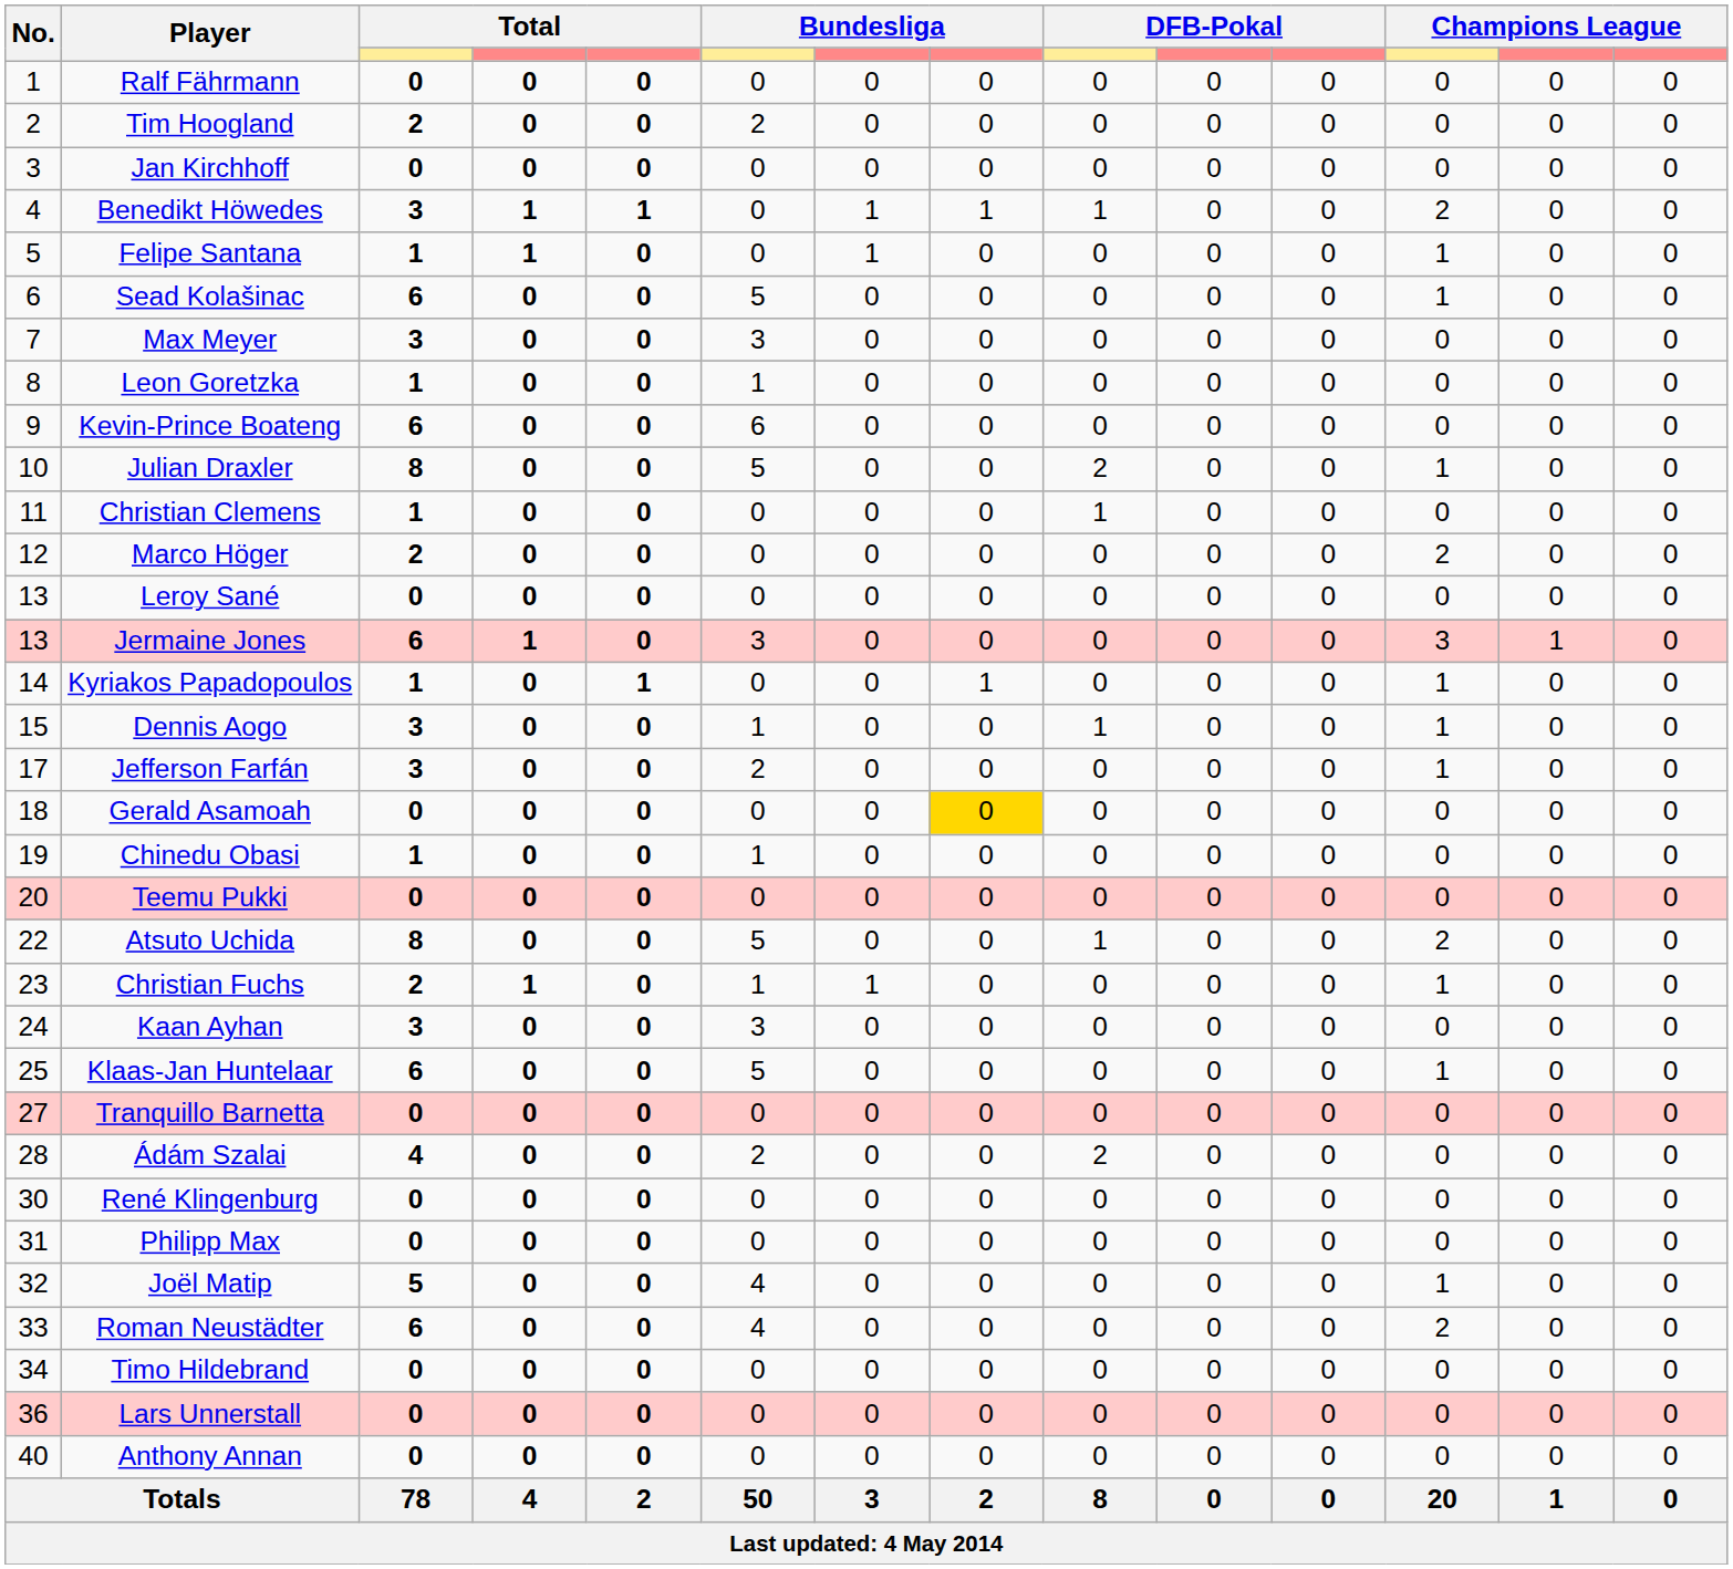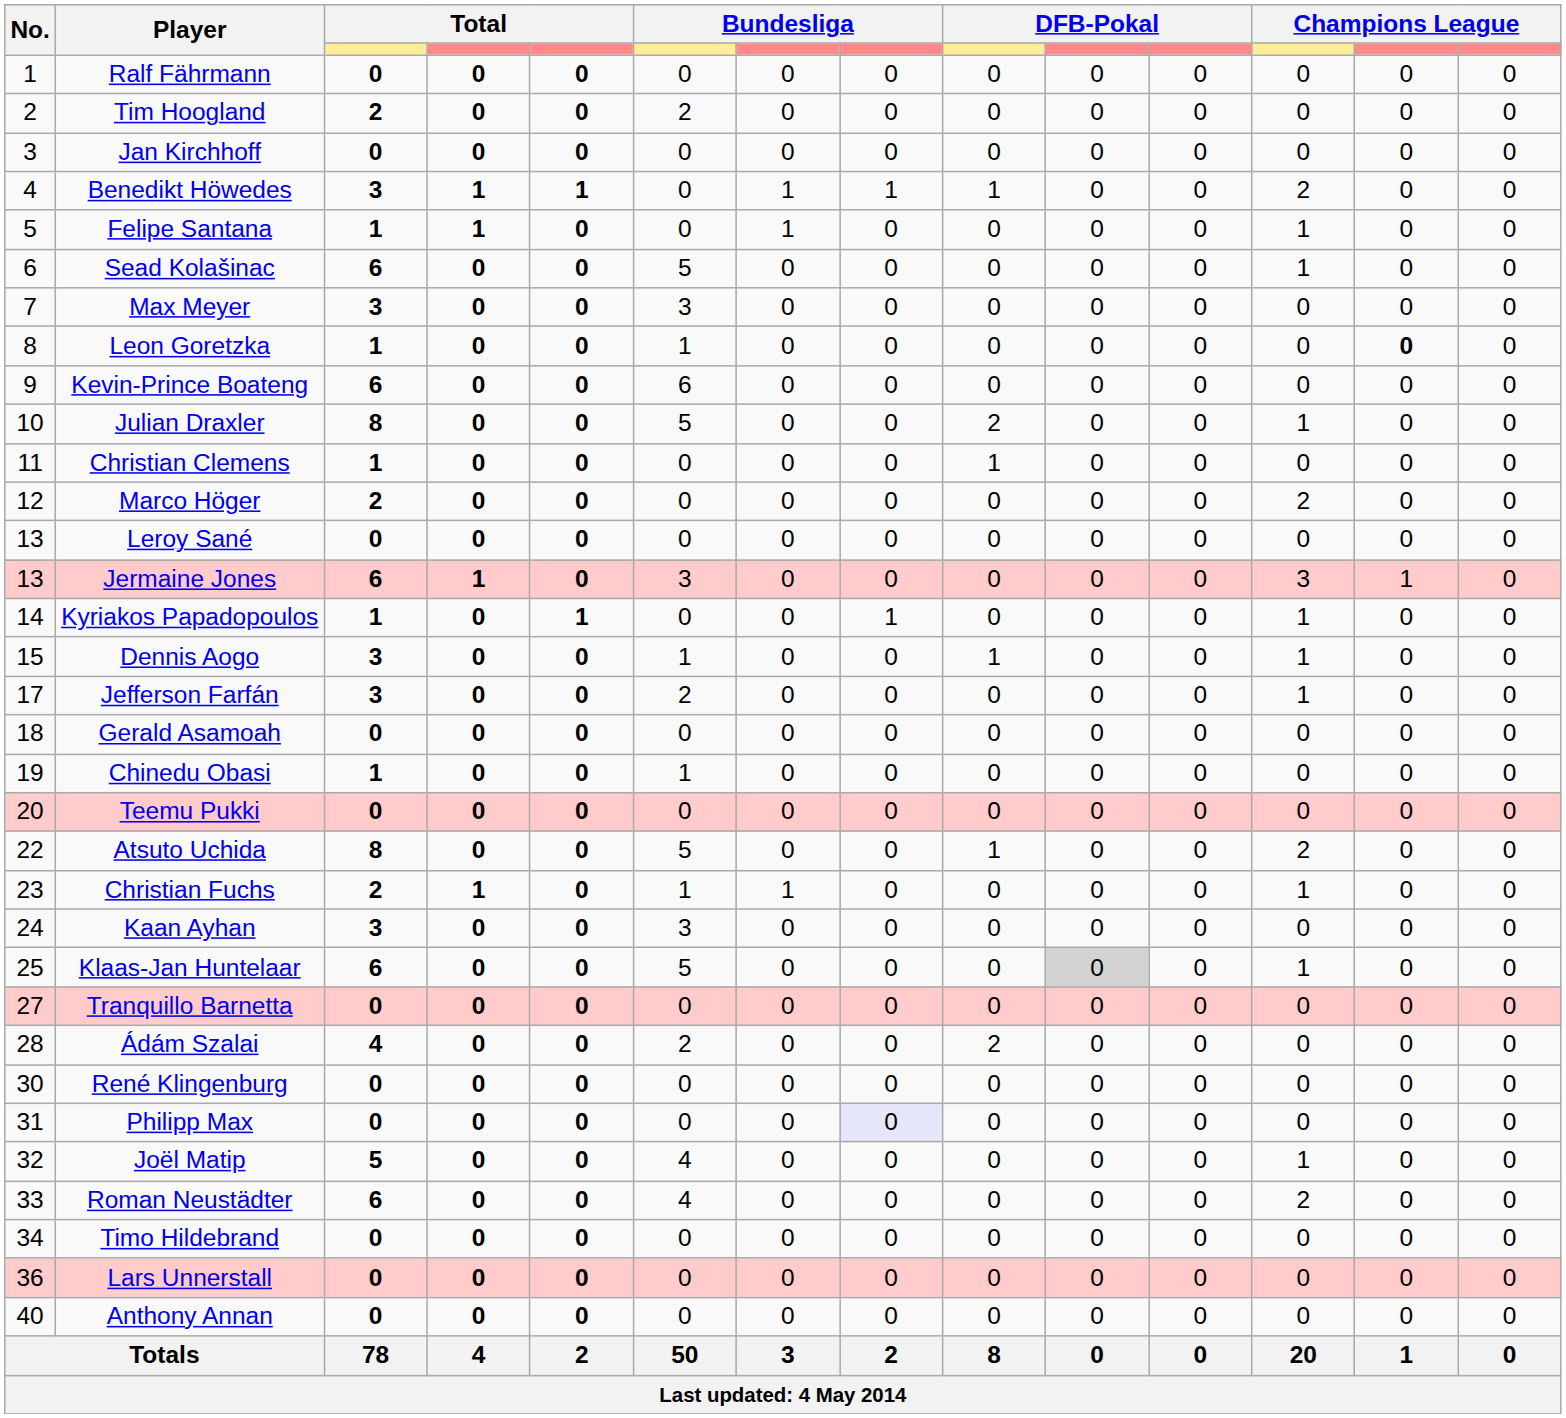 <table class="wikitable" style="text-align:center;">
 <tr style="text-align:center;">
 <th rowspan="2">No.</th>
 <th rowspan="2">Player</th>
 <th colspan="3">Total</th>
 <th colspan="3"><a href='#'>Bundesliga</a></th>
 <th colspan="3"><a href='#'>DFB-Pokal</a></th>
 <th colspan="3"><a href='#'>Champions League</a></th>
 </tr>
 <tr>
 <th style="width:60px; background:#fe9;"></th>
 <th style="width:60px; background:#ff8888;"></th>
 <th style="width:60px; background:#ff8888;"></th>
 <th style="width:60px; background:#fe9;"></th>
 <th style="width:60px; background:#ff8888;"></th>
 <th style="width:60px; background:#ff8888;"></th>
 <th style="width:60px; background:#fe9;"></th>
 <th style="width:60px; background:#ff8888;"></th>
 <th style="width:60px; background:#ff8888;"></th>
 <th style="width:60px; background:#fe9;"></th>
 <th style="width:60px; background:#ff8888;"></th>
 <th style="width:60px; background:#ff8888;"></th>
 </tr>
 <tr>
 <td>1</td>
 <td><a href='#'>Ralf Fährmann</a></td>
 <td><strong>0</strong> </td>
 <td><strong>0</strong> </td>
 <td><strong>0</strong> </td>
 <td>0 </td>
 <td>0 </td>
 <td>0 </td>
 <td>0 </td>
 <td>0 </td>
 <td>0 </td>
 <td>0 </td>
 <td>0 </td>
 <td>0 </td>
 </tr>
 <tr>
 <td>2</td>
 <td><a href='#'>Tim Hoogland</a></td>
 <td><strong>2</strong> </td>
 <td><strong>0</strong> </td>
 <td><strong>0</strong> </td>
 <td>2 </td>
 <td>0 </td>
 <td>0 </td>
 <td>0 </td>
 <td>0 </td>
 <td>0 </td>
 <td>0 </td>
 <td>0 </td>
 <td>0 </td>
 </tr>
 <tr>
 <td>3</td>
 <td><a href='#'>Jan Kirchhoff</a></td>
 <td><strong>0</strong> </td>
 <td><strong>0</strong> </td>
 <td><strong>0</strong> </td>
 <td>0 </td>
 <td>0 </td>
 <td>0 </td>
 <td>0 </td>
 <td>0 </td>
 <td>0 </td>
 <td>0 </td>
 <td>0 </td>
 <td>0 </td>
 </tr>
 <tr>
 <td>4</td>
 <td><a href='#'>Benedikt Höwedes</a></td>
 <td><strong>3</strong> </td>
 <td><strong>1</strong> </td>
 <td><strong>1</strong> </td>
 <td>0 </td>
 <td>1 </td>
 <td>1 </td>
 <td>1 </td>
 <td>0 </td>
 <td>0 </td>
 <td>2 </td>
 <td>0 </td>
 <td>0 </td>
 </tr>
 <tr>
 <td>5</td>
 <td><a href='#'>Felipe Santana</a></td>
 <td><strong>1</strong> </td>
 <td><strong>1</strong> </td>
 <td><strong>0</strong> </td>
 <td>0 </td>
 <td>1 </td>
 <td>0 </td>
 <td>0 </td>
 <td>0 </td>
 <td>0 </td>
 <td>1 </td>
 <td>0 </td>
 <td>0 </td>
 </tr>
 <tr>
 <td>6</td>
 <td><a href='#'>Sead Kolašinac</a></td>
 <td><strong>6</strong> </td>
 <td><strong>0</strong> </td>
 <td><strong>0</strong> </td>
 <td>5 </td>
 <td>0 </td>
 <td>0 </td>
 <td>0 </td>
 <td>0 </td>
 <td>0 </td>
 <td>1 </td>
 <td>0 </td>
 <td>0 </td>
 </tr>
 <tr>
 <td>7</td>
 <td><a href='#'>Max Meyer</a></td>
 <td><strong>3</strong> </td>
 <td><strong>0</strong> </td>
 <td><strong>0</strong> </td>
 <td>3 </td>
 <td>0 </td>
 <td>0 </td>
 <td>0 </td>
 <td>0 </td>
 <td>0 </td>
 <td>0 </td>
 <td>0 </td>
 <td>0 </td>
 </tr>
 <tr>
 <td>8</td>
 <td><a href='#'>Leon Goretzka</a></td>
 <td><strong>1</strong> </td>
 <td><strong>0</strong> </td>
 <td><strong>0</strong> </td>
 <td>1 </td>
 <td>0 </td>
 <td>0 </td>
 <td>0 </td>
 <td>0 </td>
 <td>0 </td>
 <td>0 </td>
-<td>0 </td>
+<td><strong>0 </strong></td>
 <td>0 </td>
 </tr>
 <tr>
 <td>9</td>
 <td><a href='#'>Kevin-Prince Boateng</a></td>
 <td><strong>6</strong> </td>
 <td><strong>0</strong> </td>
 <td><strong>0</strong> </td>
 <td>6 </td>
 <td>0 </td>
 <td>0 </td>
 <td>0 </td>
 <td>0 </td>
 <td>0 </td>
 <td>0 </td>
 <td>0 </td>
 <td>0 </td>
 </tr>
 <tr>
 <td>10</td>
 <td><a href='#'>Julian Draxler</a></td>
 <td><strong>8</strong> </td>
 <td><strong>0</strong> </td>
 <td><strong>0</strong> </td>
 <td>5 </td>
 <td>0 </td>
 <td>0 </td>
 <td>2 </td>
 <td>0 </td>
 <td>0 </td>
 <td>1 </td>
 <td>0 </td>
 <td>0 </td>
 </tr>
 <tr>
 <td>11</td>
 <td><a href='#'>Christian Clemens</a></td>
 <td><strong>1</strong> </td>
 <td><strong>0</strong> </td>
 <td><strong>0</strong> </td>
 <td>0 </td>
 <td>0 </td>
 <td>0 </td>
 <td>1 </td>
 <td>0 </td>
 <td>0 </td>
 <td>0 </td>
 <td>0 </td>
 <td>0 </td>
 </tr>
 <tr>
 <td>12</td>
 <td><a href='#'>Marco Höger</a></td>
 <td><strong>2</strong> </td>
 <td><strong>0</strong> </td>
 <td><strong>0</strong> </td>
 <td>0 </td>
 <td>0 </td>
 <td>0 </td>
 <td>0 </td>
 <td>0 </td>
 <td>0 </td>
 <td>2 </td>
 <td>0 </td>
 <td>0 </td>
 </tr>
 <tr>
 <td>13</td>
 <td><a href='#'>Leroy Sané</a></td>
 <td><strong>0</strong> </td>
 <td><strong>0</strong> </td>
 <td><strong>0</strong> </td>
 <td>0 </td>
 <td>0 </td>
 <td>0 </td>
 <td>0 </td>
 <td>0 </td>
 <td>0 </td>
 <td>0 </td>
 <td>0 </td>
 <td>0 </td>
 </tr>
 <tr style="background:#FFCBCB">
 <td>13</td>
 <td><a href='#'>Jermaine Jones</a></td>
 <td><strong>6</strong> </td>
 <td><strong>1</strong> </td>
 <td><strong>0</strong> </td>
 <td>3 </td>
 <td>0 </td>
 <td>0 </td>
 <td>0 </td>
 <td>0 </td>
 <td>0 </td>
 <td>3 </td>
 <td>1 </td>
 <td>0 </td>
 </tr>
 <tr>
 <td>14</td>
 <td><a href='#'>Kyriakos Papadopoulos</a></td>
 <td><strong>1</strong> </td>
 <td><strong>0</strong> </td>
 <td><strong>1</strong> </td>
 <td>0 </td>
 <td>0 </td>
 <td>1 </td>
 <td>0 </td>
 <td>0 </td>
 <td>0 </td>
 <td>1 </td>
 <td>0 </td>
 <td>0 </td>
 </tr>
 <tr>
 <td>15</td>
 <td><a href='#'>Dennis Aogo</a></td>
 <td><strong>3</strong> </td>
 <td><strong>0</strong> </td>
 <td><strong>0</strong> </td>
 <td>1 </td>
 <td>0 </td>
 <td>0 </td>
 <td>1 </td>
 <td>0 </td>
 <td>0 </td>
 <td>1 </td>
 <td>0 </td>
 <td>0 </td>
 </tr>
 <tr>
 <td>17</td>
 <td><a href='#'>Jefferson Farfán</a></td>
 <td><strong>3</strong> </td>
 <td><strong>0</strong> </td>
 <td><strong>0</strong> </td>
 <td>2 </td>
 <td>0 </td>
 <td>0 </td>
 <td>0 </td>
 <td>0 </td>
 <td>0 </td>
 <td>1 </td>
 <td>0 </td>
 <td>0 </td>
 </tr>
 <tr>
 <td>18</td>
 <td><a href='#'>Gerald Asamoah</a></td>
 <td><strong>0</strong> </td>
 <td><strong>0</strong> </td>
 <td><strong>0</strong> </td>
 <td>0 </td>
 <td>0 </td>
-<td style="background: gold;">0 </td>
+<td>0 </td>
 <td>0 </td>
 <td>0 </td>
 <td>0 </td>
 <td>0 </td>
 <td>0 </td>
 <td>0 </td>
 </tr>
 <tr>
 <td>19</td>
 <td><a href='#'>Chinedu Obasi</a></td>
 <td><strong>1</strong> </td>
 <td><strong>0</strong> </td>
 <td><strong>0</strong> </td>
 <td>1 </td>
 <td>0 </td>
 <td>0 </td>
 <td>0 </td>
 <td>0 </td>
 <td>0 </td>
 <td>0 </td>
 <td>0 </td>
 <td>0 </td>
 </tr>
 <tr style="background:#FFCBCB">
 <td>20</td>
 <td><a href='#'>Teemu Pukki</a></td>
 <td><strong>0</strong> </td>
 <td><strong>0</strong> </td>
 <td><strong>0</strong> </td>
 <td>0 </td>
 <td>0 </td>
 <td>0 </td>
 <td>0 </td>
 <td>0 </td>
 <td>0 </td>
 <td>0 </td>
 <td>0 </td>
 <td>0 </td>
 </tr>
 <tr>
 <td>22</td>
 <td><a href='#'>Atsuto Uchida</a></td>
 <td><strong>8</strong> </td>
 <td><strong>0</strong> </td>
 <td><strong>0</strong> </td>
 <td>5 </td>
 <td>0 </td>
 <td>0 </td>
 <td>1 </td>
 <td>0 </td>
 <td>0 </td>
 <td>2 </td>
 <td>0 </td>
 <td>0 </td>
 </tr>
 <tr>
 <td>23</td>
 <td><a href='#'>Christian Fuchs</a></td>
 <td><strong>2</strong> </td>
 <td><strong>1</strong> </td>
 <td><strong>0</strong> </td>
 <td>1 </td>
 <td>1 </td>
 <td>0 </td>
 <td>0 </td>
 <td>0 </td>
 <td>0 </td>
 <td>1 </td>
 <td>0 </td>
 <td>0 </td>
 </tr>
 <tr>
 <td>24</td>
 <td><a href='#'>Kaan Ayhan</a></td>
 <td><strong>3</strong> </td>
 <td><strong>0</strong> </td>
 <td><strong>0</strong> </td>
 <td>3 </td>
 <td>0 </td>
 <td>0 </td>
 <td>0 </td>
 <td>0 </td>
 <td>0 </td>
 <td>0 </td>
 <td>0 </td>
 <td>0 </td>
 </tr>
 <tr>
 <td>25</td>
 <td><a href='#'>Klaas-Jan Huntelaar</a></td>
 <td><strong>6</strong> </td>
 <td><strong>0</strong> </td>
 <td><strong>0</strong> </td>
 <td>5 </td>
 <td>0 </td>
 <td>0 </td>
 <td>0 </td>
-<td>0 </td>
+<td style="background: lightgrey;">0 </td>
 <td>0 </td>
 <td>1 </td>
 <td>0 </td>
 <td>0 </td>
 </tr>
 <tr style="background:#FFCBCB">
 <td>27</td>
 <td><a href='#'>Tranquillo Barnetta</a></td>
 <td><strong>0</strong> </td>
 <td><strong>0</strong> </td>
 <td><strong>0</strong> </td>
 <td>0 </td>
 <td>0 </td>
 <td>0 </td>
 <td>0 </td>
 <td>0 </td>
 <td>0 </td>
 <td>0 </td>
 <td>0 </td>
 <td>0 </td>
 </tr>
 <tr>
 <td>28</td>
 <td><a href='#'>Ádám Szalai</a></td>
 <td><strong>4</strong> </td>
 <td><strong>0</strong> </td>
 <td><strong>0</strong> </td>
 <td>2 </td>
 <td>0 </td>
 <td>0 </td>
 <td>2 </td>
 <td>0 </td>
 <td>0 </td>
 <td>0 </td>
 <td>0 </td>
 <td>0 </td>
 </tr>
 <tr>
 <td>30</td>
 <td><a href='#'>René Klingenburg</a></td>
 <td><strong>0</strong> </td>
 <td><strong>0</strong> </td>
 <td><strong>0</strong> </td>
 <td>0 </td>
 <td>0 </td>
 <td>0 </td>
 <td>0 </td>
 <td>0 </td>
 <td>0 </td>
 <td>0 </td>
 <td>0 </td>
 <td>0 </td>
 </tr>
 <tr>
 <td>31</td>
 <td><a href='#'>Philipp Max</a></td>
 <td><strong>0</strong> </td>
 <td><strong>0</strong> </td>
 <td><strong>0</strong> </td>
 <td>0 </td>
 <td>0 </td>
-<td>0 </td>
+<td style="background: lavender;">0 </td>
 <td>0 </td>
 <td>0 </td>
 <td>0 </td>
 <td>0 </td>
 <td>0 </td>
 <td>0 </td>
 </tr>
 <tr>
 <td>32</td>
 <td><a href='#'>Joël Matip</a></td>
 <td><strong>5</strong> </td>
 <td><strong>0</strong> </td>
 <td><strong>0</strong> </td>
 <td>4 </td>
 <td>0 </td>
 <td>0 </td>
 <td>0 </td>
 <td>0 </td>
 <td>0 </td>
 <td>1 </td>
 <td>0 </td>
 <td>0 </td>
 </tr>
 <tr>
 <td>33</td>
 <td><a href='#'>Roman Neustädter</a></td>
 <td><strong>6</strong> </td>
 <td><strong>0</strong> </td>
 <td><strong>0</strong> </td>
 <td>4 </td>
 <td>0 </td>
 <td>0 </td>
 <td>0 </td>
 <td>0 </td>
 <td>0 </td>
 <td>2 </td>
 <td>0 </td>
 <td>0 </td>
 </tr>
 <tr>
 <td>34</td>
 <td><a href='#'>Timo Hildebrand</a></td>
 <td><strong>0</strong> </td>
 <td><strong>0</strong> </td>
 <td><strong>0</strong> </td>
 <td>0 </td>
 <td>0 </td>
 <td>0 </td>
 <td>0 </td>
 <td>0 </td>
 <td>0 </td>
 <td>0 </td>
 <td>0 </td>
 <td>0 </td>
 </tr>
 <tr style="background:#FFCBCB">
 <td>36</td>
 <td><a href='#'>Lars Unnerstall</a></td>
 <td><strong>0</strong> </td>
 <td><strong>0</strong> </td>
 <td><strong>0</strong> </td>
 <td>0 </td>
 <td>0 </td>
 <td>0 </td>
 <td>0 </td>
 <td>0 </td>
 <td>0 </td>
 <td>0 </td>
 <td>0 </td>
 <td>0 </td>
 </tr>
 <tr>
 <td>40</td>
 <td><a href='#'>Anthony Annan</a></td>
 <td><strong>0</strong> </td>
 <td><strong>0</strong> </td>
 <td><strong>0</strong> </td>
 <td>0 </td>
 <td>0 </td>
 <td>0 </td>
 <td>0 </td>
 <td>0 </td>
 <td>0 </td>
 <td>0 </td>
 <td>0 </td>
 <td>0 </td>
 </tr>
 <tr>
 <th colspan="2">Totals</th>
 <th>78 </th>
 <th>4 </th>
 <th>2 </th>
 <th>50 </th>
 <th>3 </th>
 <th>2 </th>
 <th>8 </th>
 <th>0 </th>
 <th>0 </th>
 <th>20 </th>
 <th>1 </th>
 <th>0 </th>
 </tr>
 <tr>
 <th colspan="14"><small>Last updated: 4 May 2014</small></th>
 </tr>
 </table>
